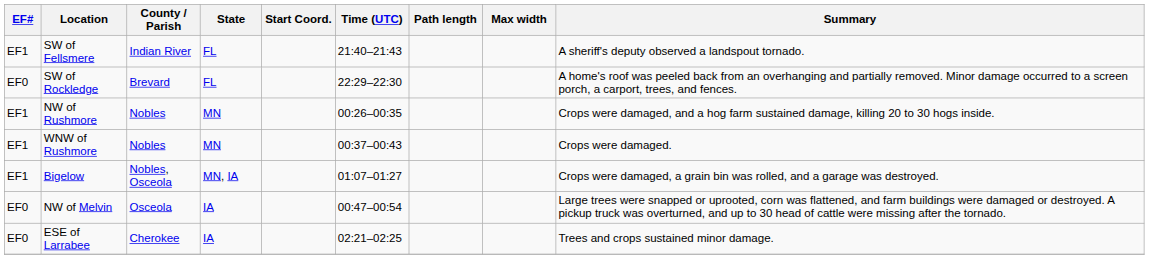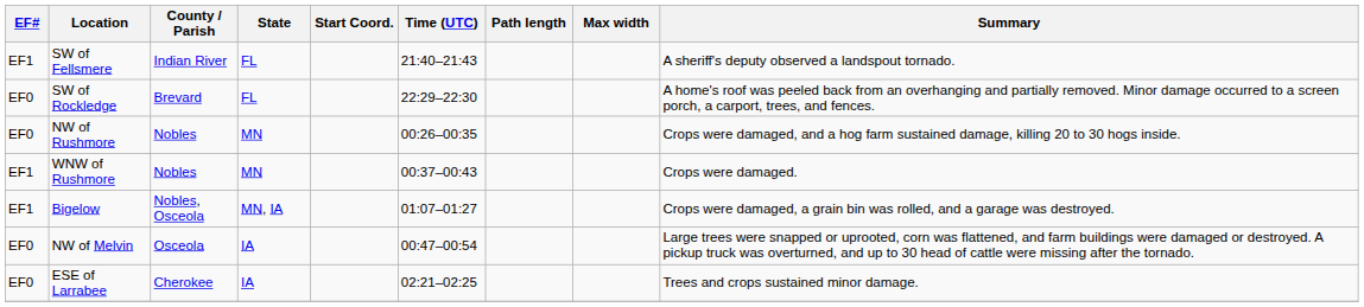 <table class="wikitable sortable" style="width:100%;">
 <tr>
 <th scope="col"  style="width:3%; text-align:center;"><a href='#'>EF#</a></th>
 <th scope="col"  style="width:7%; text-align:center;" class="unsortable">Location</th>
 <th scope="col"  style="width:6%; text-align:center;" class="unsortable">County / Parish</th>
 <th scope="col"  style="width:5%; text-align:center;">State</th>
 <th scope="col"  style="width:6%; text-align:center;">Start Coord.</th>
 <th scope="col"  style="width:6%; text-align:center;">Time (<a href='#'>UTC</a>)</th>
 <th scope="col"  style="width:6%; text-align:center;">Path length</th>
 <th scope="col"  style="width:6%; text-align:center;">Max width</th>
 <th scope="col" class="unsortable" style="width:48%; text-align:center;">Summary</th>
 </tr>
 <tr>
 <td>EF1</td>
 <td>SW of <a href='#'>Fellsmere</a></td>
 <td><a href='#'>Indian River</a></td>
 <td><a href='#'>FL</a></td>
 <td></td>
 <td>21:40–21:43</td>
 <td></td>
 <td></td>
 <td>A sheriff's deputy observed a landspout tornado.</td>
 </tr>
 <tr>
 <td>EF0</td>
 <td>SW of <a href='#'>Rockledge</a></td>
 <td><a href='#'>Brevard</a></td>
 <td><a href='#'>FL</a></td>
 <td></td>
 <td>22:29–22:30</td>
 <td></td>
 <td></td>
 <td>A home's roof was peeled back from an overhanging and partially removed. Minor damage occurred to a screen porch, a carport, trees, and fences.</td>
 </tr>
 <tr>
-<td>EF1</td>
+<td>EF0</td>
 <td>NW of <a href='#'>Rushmore</a></td>
 <td><a href='#'>Nobles</a></td>
 <td><a href='#'>MN</a></td>
 <td></td>
 <td>00:26–00:35</td>
 <td></td>
 <td></td>
 <td>Crops were damaged, and a hog farm sustained damage, killing 20 to 30 hogs inside.</td>
 </tr>
 <tr>
 <td>EF1</td>
 <td>WNW of <a href='#'>Rushmore</a></td>
 <td><a href='#'>Nobles</a></td>
 <td><a href='#'>MN</a></td>
 <td></td>
 <td>00:37–00:43</td>
 <td></td>
 <td></td>
 <td>Crops were damaged.</td>
 </tr>
 <tr>
 <td>EF1</td>
 <td><a href='#'>Bigelow</a></td>
 <td><a href='#'>Nobles</a>, <a href='#'>Osceola</a></td>
 <td><a href='#'>MN</a>, <a href='#'>IA</a></td>
 <td></td>
 <td>01:07–01:27</td>
 <td></td>
 <td></td>
 <td>Crops were damaged, a grain bin was rolled, and a garage was destroyed.</td>
 </tr>
 <tr>
 <td>EF0</td>
 <td>NW of <a href='#'>Melvin</a></td>
 <td><a href='#'>Osceola</a></td>
 <td><a href='#'>IA</a></td>
 <td></td>
 <td>00:47–00:54</td>
 <td></td>
 <td></td>
 <td>Large trees were snapped or uprooted, corn was flattened, and farm buildings were damaged or destroyed. A pickup truck was overturned, and up to 30 head of cattle were missing after the tornado.</td>
 </tr>
 <tr>
 <td>EF0</td>
 <td>ESE of <a href='#'>Larrabee</a></td>
 <td><a href='#'>Cherokee</a></td>
 <td><a href='#'>IA</a></td>
 <td></td>
 <td>02:21–02:25</td>
 <td></td>
 <td></td>
 <td>Trees and crops sustained minor damage.</td>
 </tr>
 <tr>
 </tr>
 </table>
